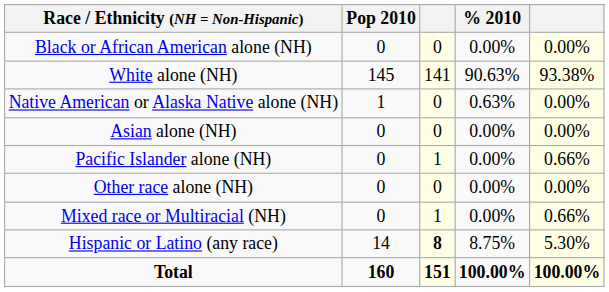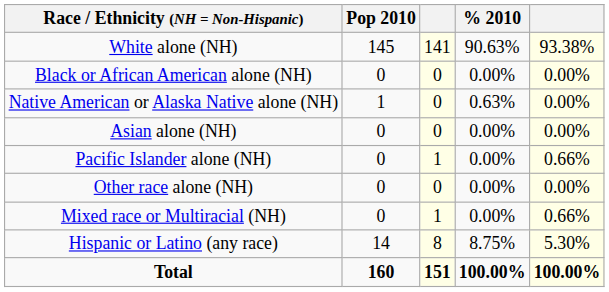 <table class="wikitable" style="text-align:center;">
 <tr>
 <th>Race / Ethnicity <small>(<em>NH = Non-Hispanic</em>)</small></th>
 <th>Pop 2010</th>
 <th></th>
 <th>% 2010</th>
 <th></th>
 </tr>
 <tr>
+<td><a href='#'>White</a> alone (NH)</td>
+<td>145</td>
+<td style='background: #ffffe6;'>141</td>
+<td>90.63%</td>
+<td style='background: #ffffe6;'>93.38%</td>
+</tr>
+<tr>
 <td><a href='#'>Black or African American</a> alone (NH)</td>
 <td>0</td>
 <td style='background: #ffffe6;'>0</td>
 <td>0.00%</td>
 <td style='background: #ffffe6;'>0.00%</td>
-</tr>
-<tr>
-<td><a href='#'>White</a> alone (NH)</td>
-<td>145</td>
-<td style='background: #ffffe6;'>141</td>
-<td>90.63%</td>
-<td style='background: #ffffe6;'>93.38%</td>
 </tr>
 <tr>
 <td><a href='#'>Native American</a> or <a href='#'>Alaska Native</a> alone (NH)</td>
 <td>1</td>
 <td style='background: #ffffe6;'>0</td>
 <td>0.63%</td>
 <td style='background: #ffffe6;'>0.00%</td>
 </tr>
 <tr>
 <td><a href='#'>Asian</a> alone (NH)</td>
 <td>0</td>
 <td style='background: #ffffe6;'>0</td>
 <td>0.00%</td>
 <td style='background: #ffffe6;'>0.00%</td>
 </tr>
 <tr>
 <td><a href='#'>Pacific Islander</a> alone (NH)</td>
 <td>0</td>
 <td style='background: #ffffe6;'>1</td>
 <td>0.00%</td>
 <td style='background: #ffffe6;'>0.66%</td>
 </tr>
 <tr>
 <td><a href='#'>Other race</a> alone (NH)</td>
 <td>0</td>
 <td style='background: #ffffe6;'>0</td>
 <td>0.00%</td>
 <td style='background: #ffffe6;'>0.00%</td>
 </tr>
 <tr>
 <td><a href='#'>Mixed race or Multiracial</a> (NH)</td>
 <td>0</td>
 <td style='background: #ffffe6;'>1</td>
 <td>0.00%</td>
 <td style='background: #ffffe6;'>0.66%</td>
 </tr>
 <tr>
 <td><a href='#'>Hispanic or Latino</a> (any race)</td>
 <td>14</td>
-<td style='background: #ffffe6;'><strong>8</strong></td>
+<td style='background: #ffffe6;'>8</td>
 <td>8.75%</td>
 <td style='background: #ffffe6;'>5.30%</td>
 </tr>
 <tr>
 <td><strong>Total</strong></td>
 <td><strong>160</strong></td>
 <td style='background: #ffffe6;'><strong>151</strong></td>
 <td><strong>100.00%</strong></td>
 <td style='background: #ffffe6;'><strong>100.00%</strong></td>
 </tr>
 </table>
